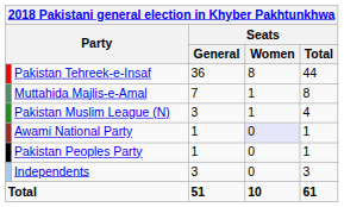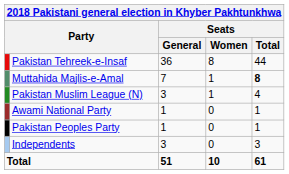 <table class="wikitable">
 <tr>
 <th colspan="7"><a href='#'>2018 Pakistani general election in Khyber Pakhtunkhwa</a></th>
 </tr>
 <tr>
 <th colspan="4" rowspan="2">Party</th>
 <th colspan="3">Seats</th>
 </tr>
 <tr>
 <th>General</th>
 <th>Women</th>
 <th>Total</th>
 </tr>
 <tr>
 <td style="color:inherit;background:#e70a0a"></td>
 <td colspan="3"><a href='#'>Pakistan Tehreek-e-Insaf</a></td>
 <td>36</td>
 <td>8</td>
 <td>44</td>
 </tr>
 <tr>
 <td style="color:inherit;background:#528d6b"></td>
 <td colspan="3"><a href='#'>Muttahida Majlis-e-Amal</a></td>
 <td>7</td>
 <td>1</td>
-<td>8</td>
+<td><strong>8</strong></td>
 </tr>
 <tr>
 <td style="color:inherit;background:#228b22"></td>
 <td colspan="3"><a href='#'>Pakistan Muslim League (N)</a></td>
 <td>3</td>
 <td>1</td>
 <td>4</td>
 </tr>
 <tr>
 <td style="color:inherit;background:#9b2b2b"></td>
 <td colspan="3"><a href='#'>Awami National Party</a></td>
 <td>1</td>
-<td style="background: lavender;">0</td>
+<td>0</td>
 <td>1</td>
 </tr>
 <tr>
 <td style="color:inherit;background:#000000"></td>
 <td colspan="3"><a href='#'>Pakistan Peoples Party</a></td>
 <td>1</td>
 <td>0</td>
 <td>1</td>
 </tr>
 <tr>
 <td style="color:inherit;background:#a6caf0"></td>
 <td colspan="3"><a href='#'>Independents</a></td>
 <td>3</td>
 <td>0</td>
 <td>3</td>
 </tr>
 <tr>
 <td colspan="4"><strong>Total</strong></td>
 <td><strong>51</strong></td>
 <td><strong>10</strong></td>
 <td><strong>61</strong></td>
 </tr>
 </table>
